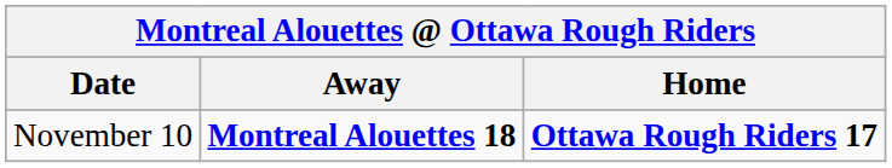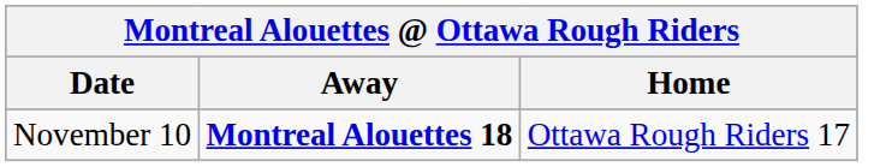 <table class="wikitable">
 <tr>
 <th colspan="3"><a href='#'>Montreal Alouettes</a> @ <a href='#'>Ottawa Rough Riders</a></th>
 </tr>
 <tr>
 <th>Date</th>
 <th>Away</th>
 <th>Home</th>
 </tr>
 <tr>
 <td>November 10</td>
 <td><strong><a href='#'>Montreal Alouettes</a> 18</strong></td>
-<td><strong><a href='#'>Ottawa Rough Riders</a> 17</strong></td>
+<td><a href='#'>Ottawa Rough Riders</a> 17</td>
 </tr>
 </table>
